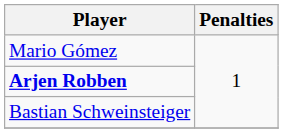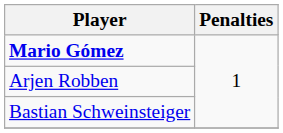 <table class="wikitable">
 <tr>
 <th>Player</th>
 <th>Penalties</th>
 </tr>
 <tr>
-<td> <a href='#'>Mario Gómez</a></td>
+<td><strong> <a href='#'>Mario Gómez</a></strong></td>
 <td rowspan="3" align=center>1</td>
 </tr>
 <tr>
-<td><strong> <a href='#'>Arjen Robben</a></strong></td>
+<td> <a href='#'>Arjen Robben</a></td>
 </tr>
 <tr>
 <td> <a href='#'>Bastian Schweinsteiger</a></td>
 </tr>
 <tr>
 </tr>
 </table>
